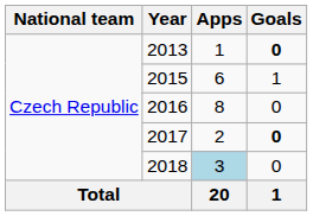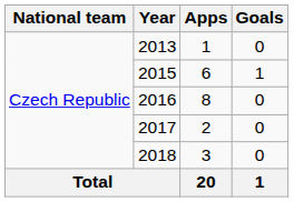 <table class="wikitable" style="text-align:center">
 <tr>
 <th>National team</th>
 <th>Year</th>
 <th>Apps</th>
 <th>Goals</th>
 </tr>
 <tr>
 <td rowspan="5"><a href='#'>Czech Republic</a></td>
 <td>2013</td>
 <td>1</td>
-<td><strong>0</strong></td>
+<td>0</td>
 </tr>
 <tr>
 <td>2015</td>
 <td>6</td>
 <td>1</td>
 </tr>
 <tr>
 <td>2016</td>
 <td>8</td>
 <td>0</td>
 </tr>
 <tr>
 <td>2017</td>
 <td>2</td>
-<td><strong>0</strong></td>
+<td>0</td>
 </tr>
 <tr>
 <td>2018</td>
-<td style="background: lightblue;">3</td>
+<td>3</td>
 <td>0</td>
 </tr>
 <tr>
 <th colspan="2">Total</th>
 <th>20</th>
 <th>1</th>
 </tr>
 </table>
